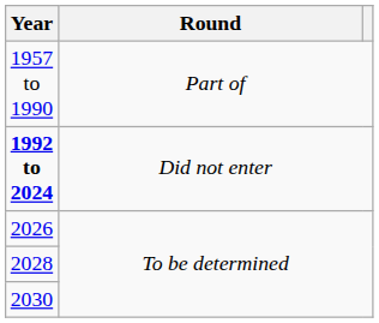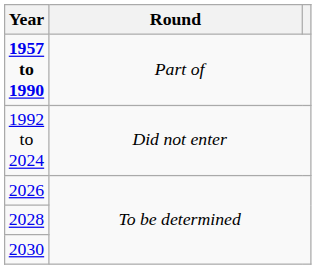 <table class="wikitable" style="text-align: center; font-size:90%">
 <tr>
 <th>Year</th>
 <th style="width:200px">Round</th>
 <th></th>
 </tr>
 <tr>
-<td><a href='#'>1957</a><br>to<br><a href='#'>1990</a></td>
+<td><strong><a href='#'>1957</a><br>to<br><a href='#'>1990</a></strong></td>
 <td colspan="2"><em>Part of </em></td>
 </tr>
 <tr>
-<td><strong><a href='#'>1992</a><br>to<br><a href='#'>2024</a></strong></td>
+<td><a href='#'>1992</a><br>to<br><a href='#'>2024</a></td>
 <td colspan="2"><em>Did not enter</em></td>
 </tr>
 <tr>
 <td><a href='#'>2026</a></td>
 <td colspan="2" rowspan="3"><em>To be determined</em></td>
 </tr>
 <tr>
 <td><a href='#'>2028</a></td>
 </tr>
 <tr>
 <td><a href='#'>2030</a></td>
 </tr>
 </table>
